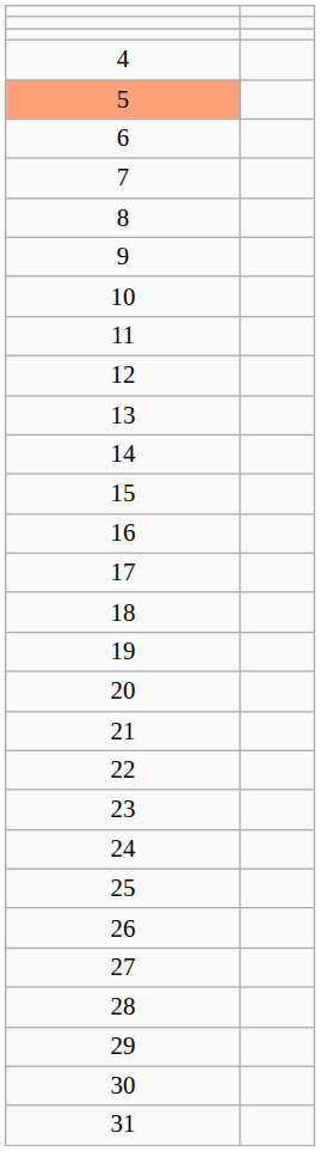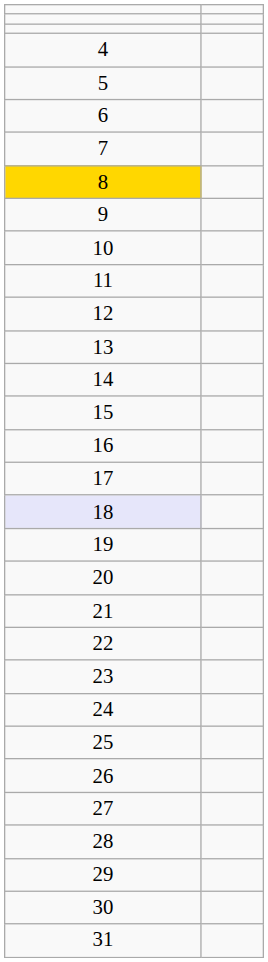 <table class="wikitable" style="width:200px;">
 <tr>
 <td align=center></td>
 <td></td>
 </tr>
 <tr>
 <td align=center></td>
 <td></td>
 </tr>
 <tr>
 <td align=center></td>
 <td></td>
 </tr>
 <tr>
 <td align=center>4</td>
 <td></td>
 </tr>
 <tr>
-<td align=center style="background: lightsalmon;">5</td>
+<td align=center>5</td>
 <td></td>
 </tr>
 <tr>
 <td align=center>6</td>
 <td></td>
 </tr>
 <tr>
 <td align=center>7</td>
 <td></td>
 </tr>
 <tr>
-<td align=center>8</td>
+<td align=center style="background: gold;">8</td>
 <td></td>
 </tr>
 <tr>
 <td align=center>9</td>
 <td></td>
 </tr>
 <tr>
 <td align=center>10</td>
 <td></td>
 </tr>
 <tr>
 <td align=center>11</td>
 <td></td>
 </tr>
 <tr>
 <td align=center>12</td>
 <td></td>
 </tr>
 <tr>
 <td align=center>13</td>
 <td></td>
 </tr>
 <tr>
 <td align=center>14</td>
 <td></td>
 </tr>
 <tr>
 <td align=center>15</td>
 <td></td>
 </tr>
 <tr>
 <td align=center>16</td>
 <td></td>
 </tr>
 <tr>
 <td align=center>17</td>
 <td></td>
 </tr>
 <tr>
-<td align=center>18</td>
+<td align=center style="background: lavender;">18</td>
 <td></td>
 </tr>
 <tr>
 <td align=center>19</td>
 <td></td>
 </tr>
 <tr>
 <td align=center>20</td>
 <td></td>
 </tr>
 <tr>
 <td align=center>21</td>
 <td></td>
 </tr>
 <tr>
 <td align=center>22</td>
 <td></td>
 </tr>
 <tr>
 <td align=center>23</td>
 <td></td>
 </tr>
 <tr>
 <td align=center>24</td>
 <td></td>
 </tr>
 <tr>
 <td align=center>25</td>
 <td></td>
 </tr>
 <tr>
 <td align=center>26</td>
 <td></td>
 </tr>
 <tr>
 <td align=center>27</td>
 <td></td>
 </tr>
 <tr>
 <td align=center>28</td>
 <td></td>
 </tr>
 <tr>
 <td align=center>29</td>
 <td></td>
 </tr>
 <tr>
 <td align=center>30</td>
 <td></td>
 </tr>
 <tr>
 <td align=center>31</td>
 <td></td>
 </tr>
 </table>
